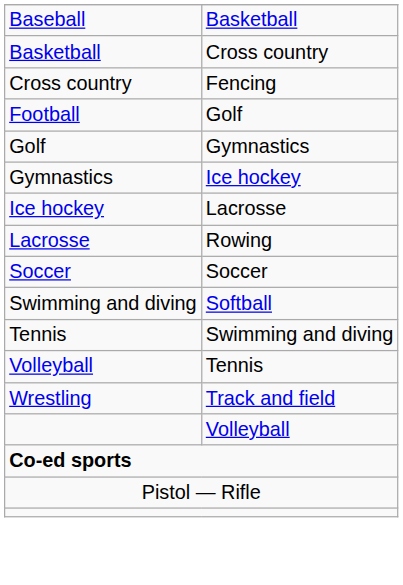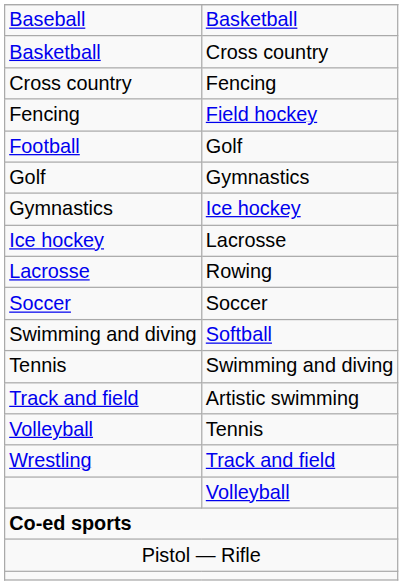 <table class="wikitable" style= " ">
 <tr>
 </tr>
 <tr>
 <td><a href='#'>Baseball</a></td>
 <td><a href='#'>Basketball</a></td>
 </tr>
 <tr>
 <td><a href='#'>Basketball</a></td>
 <td>Cross country</td>
 </tr>
 <tr>
 <td>Cross country</td>
 <td>Fencing</td>
+</tr>
+<tr>
+<td>Fencing</td>
+<td><a href='#'>Field hockey</a></td>
 </tr>
 <tr>
 <td><a href='#'>Football</a></td>
 <td>Golf</td>
 </tr>
 <tr>
 <td>Golf</td>
 <td>Gymnastics</td>
 </tr>
 <tr>
 <td>Gymnastics</td>
 <td><a href='#'>Ice hockey</a></td>
 </tr>
 <tr>
 <td><a href='#'>Ice hockey</a></td>
 <td>Lacrosse</td>
 </tr>
 <tr>
 <td><a href='#'>Lacrosse</a></td>
 <td>Rowing</td>
 </tr>
 <tr>
 <td><a href='#'>Soccer</a></td>
 <td>Soccer</td>
 </tr>
 <tr>
 <td>Swimming and diving</td>
 <td><a href='#'>Softball</a></td>
 </tr>
 <tr>
 <td>Tennis</td>
 <td>Swimming and diving</td>
 </tr>
 <tr>
+<td><a href='#'>Track and field</a></td>
+<td>Artistic swimming</td>
+</tr>
+<tr>
 <td><a href='#'>Volleyball</a></td>
 <td>Tennis</td>
 </tr>
 <tr>
 <td><a href='#'>Wrestling</a></td>
 <td><a href='#'>Track and field</a></td>
 </tr>
 <tr>
 <td></td>
 <td><a href='#'>Volleyball</a></td>
 </tr>
 <tr>
 <td colspan="2"><strong>Co-ed sports</strong></td>
 </tr>
 <tr style="text-align:center">
 <td colspan="2">Pistol — Rifle</td>
 </tr>
 <tr>
 <td colspan="2"></td>
 </tr>
 </table>
